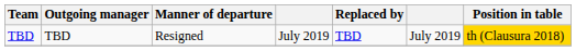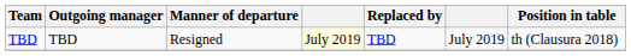 <table class="wikitable">
 <tr>
 <th>Team</th>
 <th>Outgoing manager</th>
 <th>Manner of departure</th>
 <th></th>
 <th>Replaced by</th>
 <th></th>
 <th width=125px>Position in table</th>
 </tr>
 <tr>
 <td><a href='#'>TBD</a></td>
 <td> TBD</td>
 <td>Resigned</td>
-<td>July 2019</td>
+<td style="background: lightyellow;">July 2019</td>
 <td> <a href='#'>TBD</a></td>
 <td>July 2019</td>
-<td style="background: gold;">th (Clausura 2018)</td>
+<td>th (Clausura 2018)</td>
 </tr>
 <tr>
 </tr>
 </table>
